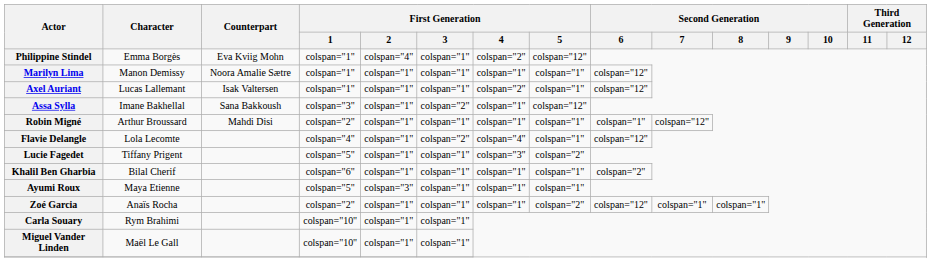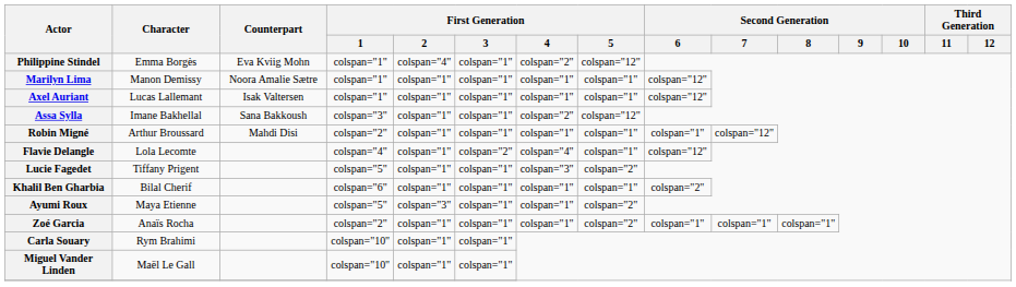 <table class="wikitable plainrowheaders" style="text-align:center; font-size:85%; width:100%">
 <tr>
 <th scope="col" rowspan="2" style="width:10%;">Actor</th>
 <th scope="col" rowspan="2" style="width:10%;">Character</th>
 <th scope="col" rowspan="2" style="width:10%;">Counterpart</th>
 <th colspan="5">First Generation</th>
 <th colspan="5">Second Generation</th>
 <th colspan="2">Third Generation</th>
 </tr>
 <tr>
 <th scope="col" style="width:4%;">1</th>
 <th scope="col" style="width:4%;">2</th>
 <th scope="col" style="width:4%;">3</th>
 <th scope="col" style="width:4%;">4</th>
 <th scope="col" style="width:4%;">5</th>
 <th scope="col" style="width:4%;">6</th>
 <th scope="col" style="width:4%;">7</th>
 <th scope="col" style="width:4%;">8</th>
 <th scope="col" style="width:4%;">9</th>
 <th scope="col" style="width:4%;">10</th>
 <th scope="col" style="width:4%;">11</th>
 <th scope="col" style="width:4%;">12</th>
 </tr>
 <tr>
 <th scope="row">Philippine Stindel</th>
 <td>Emma Borgès</td>
 <td>Eva Kviig Mohn</td>
 <td>colspan="1" </td>
 <td>colspan="4" </td>
 <td>colspan="1" </td>
 <td>colspan="2" </td>
 <td>colspan="12" </td>
 </tr>
 <tr>
 <th scope="row"><a href='#'>Marilyn Lima</a></th>
 <td>Manon Demissy</td>
 <td>Noora Amalie Sætre</td>
 <td>colspan="1" </td>
 <td>colspan="1" </td>
 <td>colspan="1" </td>
 <td>colspan="1" </td>
 <td>colspan="1" </td>
 <td>colspan="12" </td>
 </tr>
 <tr>
 <th scope="row"><a href='#'>Axel Auriant</a></th>
 <td>Lucas Lallemant</td>
 <td>Isak Valtersen</td>
 <td>colspan="1" </td>
 <td>colspan="1" </td>
 <td>colspan="1" </td>
-<td>colspan="2" </td>
+<td>colspan="1" </td>
 <td>colspan="1" </td>
 <td>colspan="12" </td>
 </tr>
 <tr>
 <th scope="row"><a href='#'>Assa Sylla</a></th>
 <td>Imane Bakhellal</td>
 <td>Sana Bakkoush</td>
 <td>colspan="3" </td>
 <td>colspan="1" </td>
+<td>colspan="1" </td>
 <td>colspan="2" </td>
-<td>colspan="1" </td>
 <td>colspan="12" </td>
 </tr>
 <tr>
 <th scope="row">Robin Migné</th>
 <td>Arthur Broussard</td>
 <td>Mahdi Disi</td>
 <td>colspan="2" </td>
 <td>colspan="1" </td>
 <td>colspan="1" </td>
 <td>colspan="1" </td>
 <td>colspan="1" </td>
 <td>colspan="1" </td>
 <td>colspan="12" </td>
 </tr>
 <tr>
 <th scope="row">Flavie Delangle</th>
 <td>Lola Lecomte</td>
 <td></td>
 <td>colspan="4" </td>
 <td>colspan="1" </td>
 <td>colspan="2" </td>
 <td>colspan="4" </td>
 <td>colspan="1" </td>
 <td>colspan="12" </td>
 </tr>
 <tr>
 <th scope="row">Lucie Fagedet</th>
 <td>Tiffany Prigent</td>
 <td></td>
 <td>colspan="5" </td>
 <td>colspan="1" </td>
 <td>colspan="1" </td>
 <td>colspan="3" </td>
 <td>colspan="2" </td>
 </tr>
 <tr>
 <th scope="row">Khalil Ben Gharbia</th>
 <td>Bilal Cherif</td>
 <td></td>
 <td>colspan="6" </td>
 <td>colspan="1" </td>
 <td>colspan="1" </td>
 <td>colspan="1" </td>
 <td>colspan="1" </td>
 <td>colspan="2" </td>
 </tr>
 <tr>
 <th scope="row">Ayumi Roux</th>
 <td>Maya Etienne</td>
 <td></td>
 <td>colspan="5" </td>
 <td>colspan="3" </td>
 <td>colspan="1" </td>
 <td>colspan="1" </td>
-<td>colspan="1" </td>
+<td>colspan="2" </td>
 </tr>
 <tr>
 <th scope="row">Zoé Garcia</th>
 <td>Anaïs Rocha</td>
 <td></td>
 <td>colspan="2" </td>
 <td>colspan="1" </td>
 <td>colspan="1" </td>
 <td>colspan="1" </td>
 <td>colspan="2" </td>
-<td>colspan="12" </td>
+<td>colspan="1" </td>
 <td>colspan="1" </td>
 <td>colspan="1" </td>
 </tr>
 <tr>
 <th scope="row">Carla Souary</th>
 <td>Rym Brahimi</td>
 <td></td>
 <td>colspan="10" </td>
 <td>colspan="1" </td>
 <td>colspan="1" </td>
 </tr>
 <tr>
 <th scope="row">Miguel Vander Linden</th>
 <td>Maël Le Gall</td>
 <td></td>
 <td>colspan="10" </td>
 <td>colspan="1" </td>
 <td>colspan="1" </td>
 </tr>
 <tr>
 </tr>
 </table>
